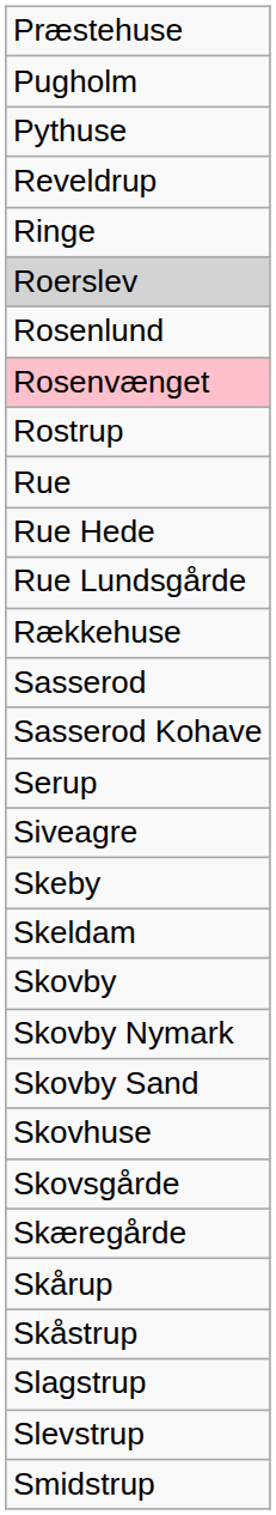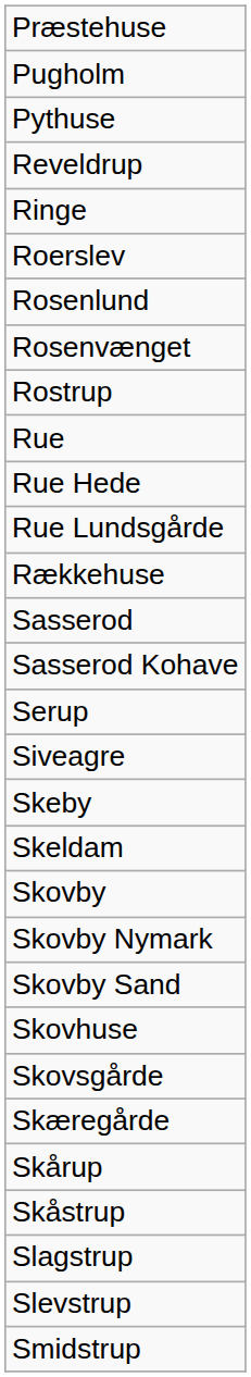 <table class="wikitable" style="float:left; margin-right:1em">
 <tr>
 <td>Præstehuse</td>
 </tr>
 <tr>
 <td>Pugholm</td>
 </tr>
 <tr>
 <td>Pythuse</td>
 </tr>
 <tr>
 <td>Reveldrup</td>
 </tr>
 <tr>
 <td>Ringe</td>
 </tr>
 <tr>
-<td style="background: lightgrey;">Roerslev</td>
+<td>Roerslev</td>
 </tr>
 <tr>
 <td>Rosenlund</td>
 </tr>
 <tr>
-<td style="background: pink;">Rosenvænget</td>
+<td>Rosenvænget</td>
 </tr>
 <tr>
 <td>Rostrup</td>
 </tr>
 <tr>
 <td>Rue</td>
 </tr>
 <tr>
 <td>Rue Hede</td>
 </tr>
 <tr>
 <td>Rue Lundsgårde</td>
 </tr>
 <tr>
 <td>Rækkehuse</td>
 </tr>
 <tr>
 <td>Sasserod</td>
 </tr>
 <tr>
 <td>Sasserod Kohave</td>
 </tr>
 <tr>
 <td>Serup</td>
 </tr>
 <tr>
 <td>Siveagre</td>
 </tr>
 <tr>
 <td>Skeby</td>
 </tr>
 <tr>
 <td>Skeldam</td>
 </tr>
 <tr>
 <td>Skovby</td>
 </tr>
 <tr>
 <td>Skovby Nymark</td>
 </tr>
 <tr>
 <td>Skovby Sand</td>
 </tr>
 <tr>
 <td>Skovhuse</td>
 </tr>
 <tr>
 <td>Skovsgårde</td>
 </tr>
 <tr>
 <td>Skæregårde</td>
 </tr>
 <tr>
 <td>Skårup</td>
 </tr>
 <tr>
 <td>Skåstrup</td>
 </tr>
 <tr>
 <td>Slagstrup</td>
 </tr>
 <tr>
 <td>Slevstrup</td>
 </tr>
 <tr>
 <td>Smidstrup</td>
 </tr>
 </table>
